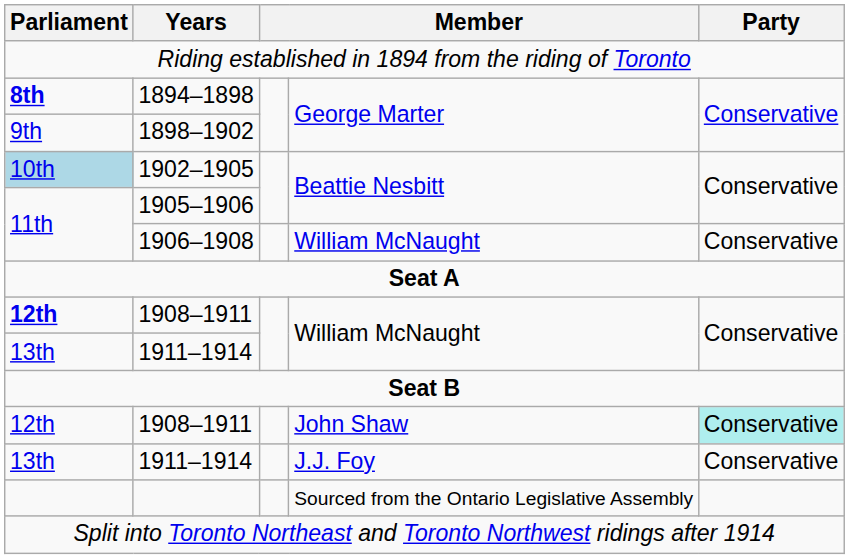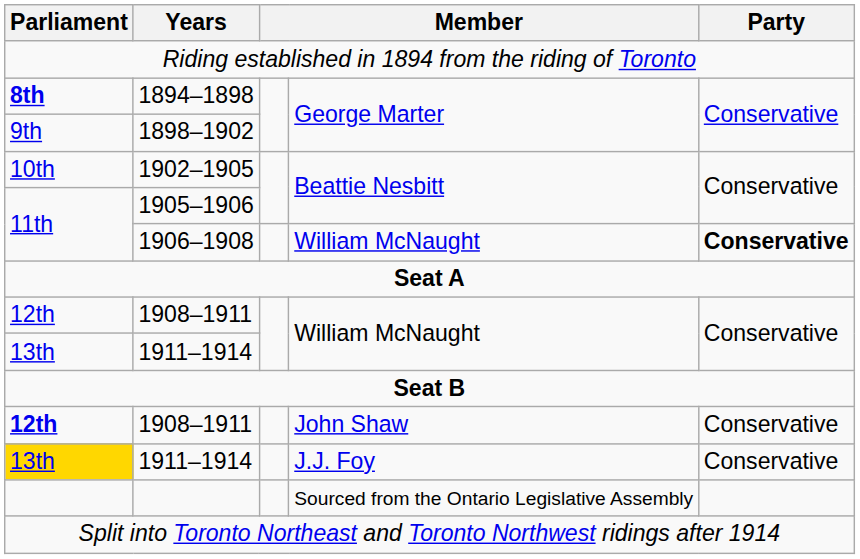 <table class="wikitable">
 <tr>
 <th>Parliament</th>
 <th>Years</th>
 <th colspan="2">Member</th>
 <th>Party</th>
 </tr>
 <tr>
 <td colspan="5" align="center"><em>Riding established in 1894 from the riding of <a href='#'>Toronto</a></em></td>
 </tr>
 <tr>
 <td><strong><a href='#'>8th</a></strong></td>
 <td>1894–1898</td>
 <td rowspan="2" >   </td>
 <td rowspan="2"><a href='#'>George Marter</a></td>
 <td rowspan="2"><a href='#'>Conservative</a></td>
 </tr>
 <tr>
 <td><a href='#'>9th</a></td>
 <td>1898–1902</td>
 </tr>
 <tr>
-<td style="background: lightblue;"><a href='#'>10th</a></td>
+<td><a href='#'>10th</a></td>
 <td>1902–1905</td>
 <td rowspan="2" >   </td>
 <td rowspan="2"><a href='#'>Beattie Nesbitt</a></td>
 <td rowspan="2">Conservative</td>
 </tr>
 <tr>
 <td rowspan="2"><a href='#'>11th</a></td>
 <td>1905–1906</td>
 </tr>
 <tr>
 <td>1906–1908</td>
 <td rowspan="1" >   </td>
 <td rowspan="1"><a href='#'>William McNaught</a></td>
-<td rowspan="1">Conservative</td>
+<td rowspan="1"><strong>Conservative</strong></td>
 </tr>
 <tr>
 <td colspan="5" align="center"><strong>Seat A</strong></td>
 </tr>
 <tr>
-<td><strong><a href='#'>12th</a></strong></td>
+<td><a href='#'>12th</a></td>
 <td>1908–1911</td>
 <td rowspan="2" >   </td>
 <td rowspan="2">William McNaught</td>
 <td rowspan="2">Conservative</td>
 </tr>
 <tr>
 <td><a href='#'>13th</a></td>
 <td>1911–1914</td>
 </tr>
 <tr>
 <td colspan="5" align="center"><strong>Seat B</strong></td>
 </tr>
 <tr>
-<td><a href='#'>12th</a></td>
+<td><strong><a href='#'>12th</a></strong></td>
 <td>1908–1911</td>
 <td rowspan="1" >   </td>
 <td rowspan="1"><a href='#'>John Shaw</a></td>
-<td rowspan="1" style="background: paleturquoise;">Conservative</td>
+<td rowspan="1">Conservative</td>
 </tr>
 <tr>
-<td><a href='#'>13th</a></td>
+<td style="background: gold;"><a href='#'>13th</a></td>
 <td>1911–1914</td>
 <td rowspan="1" >   </td>
 <td rowspan="1"><a href='#'>J.J. Foy</a></td>
 <td rowspan="1">Conservative</td>
 </tr>
 <tr>
 <td></td>
 <td></td>
 <td></td>
 <td><small>Sourced from the Ontario Legislative Assembly</small></td>
 <td></td>
 </tr>
 <tr>
 <td colspan="5" align="center"><em>Split into <a href='#'>Toronto Northeast</a> and <a href='#'>Toronto Northwest</a> ridings after 1914</em></td>
 </tr>
 </table>
